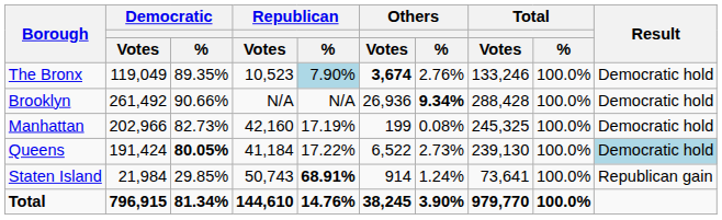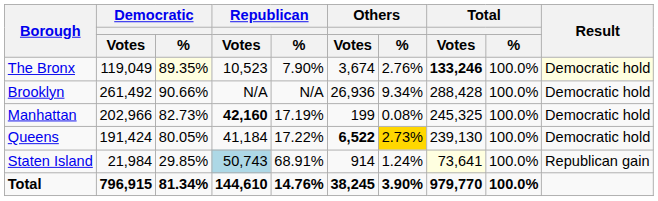 <table class="wikitable plainrowheaders sortable" style="font-size:100%; text-align:right;">
 <tr>
 <th scope=col rowspan=3><a href='#'>Borough</a></th>
 <th scope=col colspan=2><a href='#'>Democratic</a></th>
 <th scope=col colspan=2><a href='#'>Republican</a></th>
 <th scope=col colspan=2>Others</th>
 <th scope=col colspan=2>Total</th>
 <th scope=col rowspan=3>Result</th>
 </tr>
 <tr>
 <th scope=col colspan=2 style="background:"></th>
 <th scope=col colspan=2 style="background:"></th>
 <th scope=col colspan=2></th>
 <th scope=col colspan=2></th>
 </tr>
 <tr>
 <th scope=col data-sort-type="number">Votes</th>
 <th scope=col data-sort-type="number">%</th>
 <th scope=col data-sort-type="number">Votes</th>
 <th scope=col data-sort-type="number">%</th>
 <th scope=col data-sort-type="number">Votes</th>
 <th scope=col data-sort-type="number">%</th>
 <th scope=col data-sort-type="number">Votes</th>
 <th scope=col data-sort-type="number">%</th>
 </tr>
 <tr>
 <td align=left data-sort-value=Bronx><a href='#'>The Bronx</a></td>
 <td>119,049</td>
-<td>89.35%</td>
+<td style="background: lightyellow;">89.35%</td>
 <td>10,523</td>
-<td style="background: lightblue;">7.90%</td>
-<td><strong>3,674</strong></td>
+<td>7.90%</td>
+<td>3,674</td>
 <td>2.76%</td>
-<td>133,246</td>
+<td><strong>133,246</strong></td>
 <td>100.0%</td>
-<td align=left>Democratic hold</td>
+<td align=left style="background: lightyellow;">Democratic hold</td>
 </tr>
 <tr>
 <td align=left><a href='#'>Brooklyn</a></td>
 <td>261,492</td>
 <td>90.66%</td>
 <td>N/A</td>
 <td>N/A</td>
 <td>26,936</td>
-<td><strong>9.34%</strong></td>
+<td>9.34%</td>
 <td>288,428</td>
 <td>100.0%</td>
 <td align=left>Democratic hold</td>
 </tr>
 <tr>
 <td align=left><a href='#'>Manhattan</a></td>
 <td>202,966</td>
 <td>82.73%</td>
-<td>42,160</td>
+<td><strong>42,160</strong></td>
 <td>17.19%</td>
 <td>199</td>
 <td>0.08%</td>
 <td>245,325</td>
 <td>100.0%</td>
 <td align=left>Democratic hold</td>
 </tr>
 <tr>
 <td align=left><a href='#'>Queens</a></td>
 <td>191,424</td>
-<td><strong>80.05%</strong></td>
+<td>80.05%</td>
 <td>41,184</td>
 <td>17.22%</td>
-<td>6,522</td>
-<td>2.73%</td>
+<td><strong>6,522</strong></td>
+<td style="background: gold;">2.73%</td>
 <td>239,130</td>
 <td>100.0%</td>
-<td align=left style="background: lightblue;">Democratic hold</td>
+<td align=left>Democratic hold</td>
 </tr>
 <tr>
 <td align=left><a href='#'>Staten Island</a></td>
 <td>21,984</td>
 <td>29.85%</td>
-<td>50,743</td>
-<td><strong>68.91%</strong></td>
+<td style="background: lightblue;">50,743</td>
+<td>68.91%</td>
 <td>914</td>
 <td>1.24%</td>
-<td>73,641</td>
+<td style="background: lightyellow;">73,641</td>
 <td>100.0%</td>
 <td align=left>Republican gain</td>
 </tr>
 <tr class="sortbottom" style="font-weight:bold">
 <td align=left>Total</td>
 <td>796,915</td>
 <td>81.34%</td>
 <td>144,610</td>
 <td>14.76%</td>
 <td>38,245</td>
 <td>3.90%</td>
 <td>979,770</td>
 <td>100.0%</td>
 </tr>
 </table>
